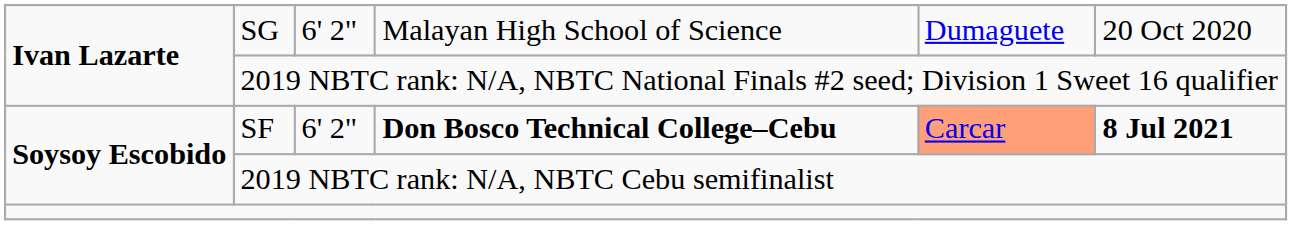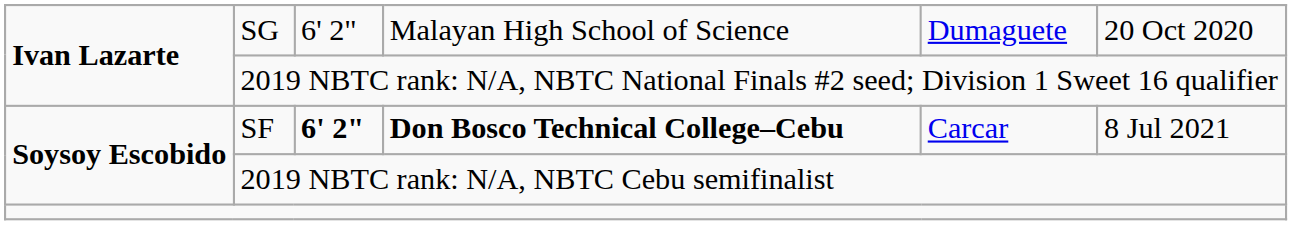 <table class=wikitable style="font-size:90%">
 <tr>
 <td rowspan=2><strong>Ivan Lazarte</strong></td>
 <td>SG</td>
 <td>6' 2"</td>
 <td>Malayan High School of Science</td>
 <td><a href='#'>Dumaguete</a></td>
 <td>20 Oct 2020</td>
 </tr>
 <tr>
 <td colspan=5>2019 NBTC rank: N/A, NBTC National Finals #2 seed; Division 1 Sweet 16 qualifier</td>
 </tr>
 <tr>
 <td rowspan=2><strong>Soysoy Escobido</strong></td>
 <td>SF</td>
-<td>6' 2"</td>
+<td><strong>6' 2"</strong></td>
 <td><strong>Don Bosco Technical College–Cebu</strong></td>
-<td style="background: lightsalmon;"><a href='#'>Carcar</a></td>
-<td><strong>8 Jul 2021</strong></td>
+<td><a href='#'>Carcar</a></td>
+<td>8 Jul 2021</td>
 </tr>
 <tr>
 <td colspan=5>2019 NBTC rank: N/A, NBTC Cebu semifinalist</td>
 </tr>
 <tr>
 <td colspan=6></td>
 </tr>
 </table>
